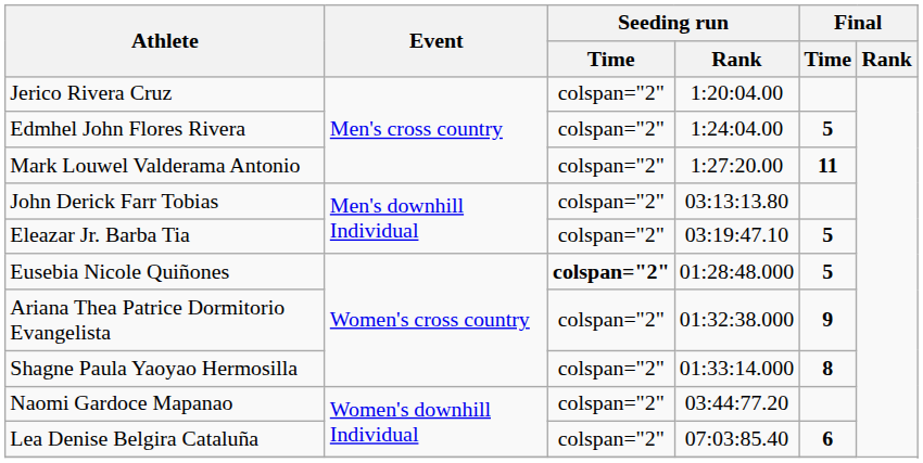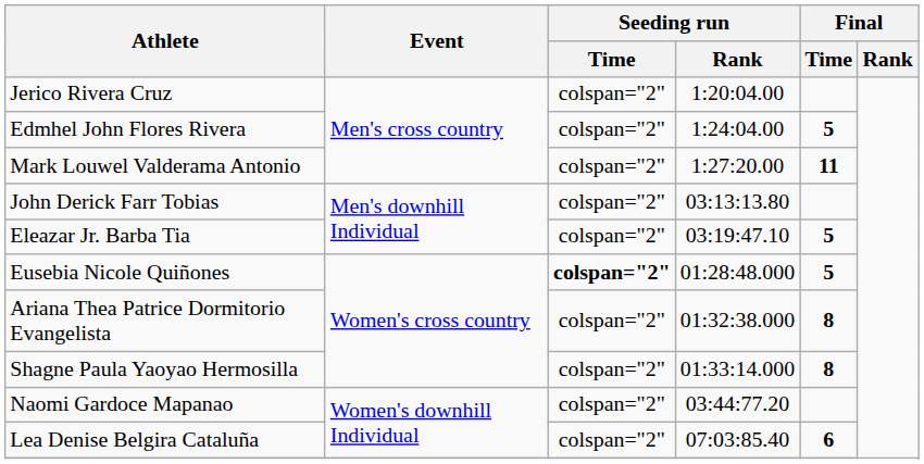 <table class=wikitable style="font-size:90%; text-align:center">
 <tr>
 <th rowspan="2">Athlete</th>
 <th rowspan="2">Event</th>
 <th colspan=2>Seeding run</th>
 <th colspan=2>Final</th>
 </tr>
 <tr>
 <th>Time</th>
 <th>Rank</th>
 <th>Time</th>
 <th>Rank</th>
 </tr>
 <tr>
 <td align=left>Jerico Rivera Cruz</td>
 <td align=left rowspan="3"><a href='#'>Men's cross country</a></td>
 <td>colspan="2" </td>
 <td>1:20:04.00</td>
 <td></td>
 </tr>
 <tr>
 <td align=left>Edmhel John Flores Rivera</td>
 <td>colspan="2" </td>
 <td>1:24:04.00</td>
 <td><strong>5</strong></td>
 </tr>
 <tr>
 <td align=left>Mark Louwel Valderama Antonio</td>
 <td>colspan="2" </td>
 <td>1:27:20.00</td>
 <td><strong>11</strong></td>
 </tr>
 <tr>
 <td align=left>John Derick Farr Tobias</td>
 <td align=left rowspan="2"><a href='#'>Men's downhill Individual</a></td>
 <td>colspan="2" </td>
 <td>03:13:13.80</td>
 <td></td>
 </tr>
 <tr>
 <td align=left>Eleazar Jr. Barba Tia</td>
 <td>colspan="2" </td>
 <td>03:19:47.10</td>
 <td><strong>5</strong></td>
 </tr>
 <tr>
 <td align=left>Eusebia Nicole Quiñones</td>
 <td align=left rowspan="3"><a href='#'>Women's cross country</a></td>
 <td><strong>colspan="2" </strong></td>
 <td>01:28:48.000</td>
 <td><strong>5</strong></td>
 </tr>
 <tr>
 <td align=left>Ariana Thea Patrice Dormitorio Evangelista</td>
 <td>colspan="2" </td>
 <td>01:32:38.000</td>
-<td><strong>9</strong></td>
+<td><strong>8</strong></td>
 </tr>
 <tr>
 <td align=left>Shagne Paula Yaoyao Hermosilla</td>
 <td>colspan="2" </td>
 <td>01:33:14.000</td>
 <td><strong>8</strong></td>
 </tr>
 <tr>
 <td align=left>Naomi Gardoce Mapanao</td>
 <td align=left rowspan="2"><a href='#'>Women's downhill Individual</a></td>
 <td>colspan="2" </td>
 <td>03:44:77.20</td>
 <td></td>
 </tr>
 <tr>
 <td align=left>Lea Denise Belgira Cataluña</td>
 <td>colspan="2" </td>
 <td>07:03:85.40</td>
 <td><strong>6</strong></td>
 </tr>
 <tr>
 </tr>
 </table>
